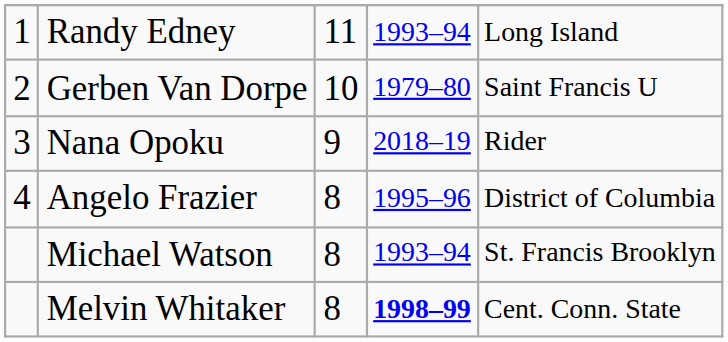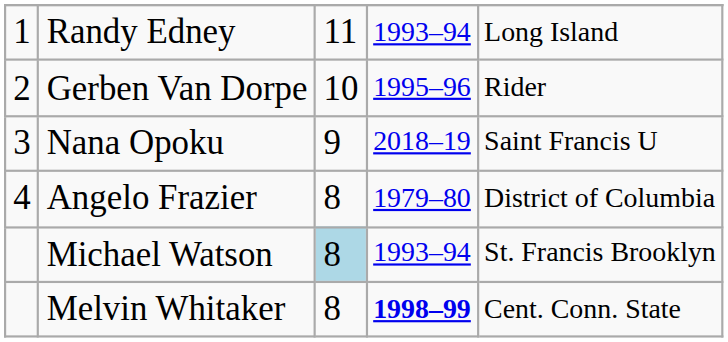 <table class="wikitable">
 <tr>
 </tr>
 <tr>
 <td>1</td>
 <td>Randy Edney</td>
 <td>11</td>
 <td style="font-size:80%;"><a href='#'>1993–94</a></td>
 <td style="font-size:80%;">Long Island</td>
 </tr>
 <tr>
 <td>2</td>
 <td>Gerben Van Dorpe</td>
 <td>10</td>
-<td style="font-size:80%;"><a href='#'>1979–80</a></td>
-<td style="font-size:80%;">Saint Francis U</td>
+<td style="font-size:80%;"><a href='#'>1995–96</a></td>
+<td style="font-size:80%;">Rider</td>
 </tr>
 <tr>
 <td>3</td>
 <td>Nana Opoku</td>
 <td>9</td>
 <td style="font-size:80%;"><a href='#'>2018–19</a></td>
-<td style="font-size:80%;">Rider</td>
+<td style="font-size:80%;">Saint Francis U</td>
 </tr>
 <tr>
 <td>4</td>
 <td>Angelo Frazier</td>
 <td>8</td>
-<td style="font-size:80%;"><a href='#'>1995–96</a></td>
+<td style="font-size:80%;"><a href='#'>1979–80</a></td>
 <td style="font-size:80%;">District of Columbia</td>
 </tr>
 <tr>
 <td></td>
 <td>Michael Watson</td>
-<td>8</td>
+<td style="background: lightblue;">8</td>
 <td style="font-size:80%;"><a href='#'>1993–94</a></td>
 <td style="font-size:80%;">St. Francis Brooklyn</td>
 </tr>
 <tr>
 <td></td>
 <td>Melvin Whitaker</td>
 <td>8</td>
 <td style="font-size:80%;"><strong><a href='#'>1998–99</a></strong></td>
 <td style="font-size:80%;">Cent. Conn. State</td>
 </tr>
 </table>
